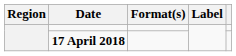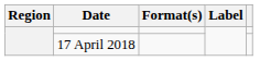 <table class="wikitable plainrowheaders" style="text-align:center">
 <tr>
 <th scope="col">Region</th>
 <th scope="col">Date</th>
 <th scope="col">Format(s)</th>
 <th scope="col">Label</th>
 <th scope="col"></th>
 </tr>
 <tr>
 <th scope="row" rowspan="2"></th>
 <td></td>
 <td></td>
 <td rowspan="2"></td>
 <td></td>
 </tr>
 <tr>
-<td><strong>17 April 2018</strong></td>
+<td>17 April 2018</td>
 <td></td>
 <td></td>
 </tr>
 </table>
